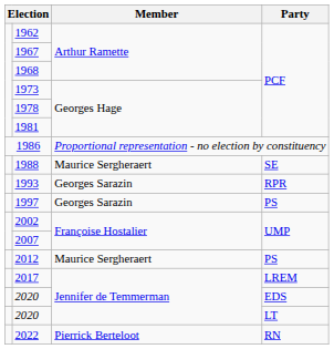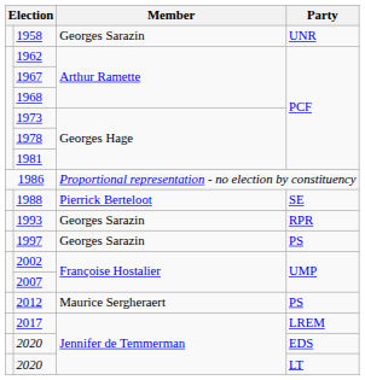 <table class="wikitable">
 <tr>
 <th colspan="2">Election</th>
 <th>Member</th>
 <th>Party</th>
+</tr>
+<tr>
+<td style="color:inherit;background-color: "></td>
+<td><a href='#'>1958</a></td>
+<td>Georges Sarazin</td>
+<td><a href='#'>UNR</a></td>
 </tr>
 <tr>
 <td rowspan="6" style="background-color: "></td>
 <td><a href='#'>1962</a></td>
 <td rowspan="3"><a href='#'>Arthur Ramette</a></td>
 <td rowspan="6"><a href='#'>PCF</a></td>
 </tr>
 <tr>
 <td><a href='#'>1967</a></td>
 </tr>
 <tr>
 <td><a href='#'>1968</a></td>
 </tr>
 <tr>
 <td><a href='#'>1973</a></td>
 <td rowspan="3">Georges Hage</td>
 </tr>
 <tr>
 <td><a href='#'>1978</a></td>
 </tr>
 <tr>
 <td><a href='#'>1981</a></td>
 </tr>
 <tr>
 <td colspan="2" align="center"><a href='#'>1986</a></td>
 <td colspan="2"><em><a href='#'>Proportional representation</a> - no election by constituency</em></td>
 </tr>
 <tr>
 <td style="color:inherit;background-color: "></td>
 <td><a href='#'>1988</a></td>
-<td>Maurice Sergheraert</td>
+<td><a href='#'>Pierrick Berteloot</a></td>
 <td><a href='#'>SE</a></td>
 </tr>
 <tr>
 <td style="color:inherit;background-color: "></td>
 <td><a href='#'>1993</a></td>
 <td>Georges Sarazin</td>
 <td><a href='#'>RPR</a></td>
 </tr>
 <tr>
 <td style="color:inherit;background-color: "></td>
 <td><a href='#'>1997</a></td>
 <td>Georges Sarazin</td>
 <td><a href='#'>PS</a></td>
 </tr>
 <tr>
 <td rowspan="2" style="background-color: "></td>
 <td><a href='#'>2002</a></td>
 <td rowspan="2"><a href='#'>Françoise Hostalier</a></td>
 <td rowspan="2"><a href='#'>UMP</a></td>
 </tr>
 <tr>
 <td><a href='#'>2007</a></td>
 </tr>
 <tr>
 <td style="color:inherit;background-color: "></td>
 <td><a href='#'>2012</a></td>
 <td>Maurice Sergheraert</td>
 <td><a href='#'>PS</a></td>
 </tr>
 <tr>
 <td style="color:inherit;background-color: "></td>
 <td><a href='#'>2017</a></td>
 <td rowspan=3><a href='#'>Jennifer de Temmerman</a></td>
 <td><a href='#'>LREM</a></td>
 </tr>
 <tr>
 <td style="color:inherit;background-color: "></td>
 <td><em>2020</em></td>
 <td><a href='#'>EDS</a></td>
 </tr>
 <tr>
 <td style="color:inherit;background-color: "></td>
 <td><em>2020</em></td>
 <td><a href='#'>LT</a></td>
 </tr>
-<tr>
-<td style="color:inherit;background-color: "></td>
-<td><a href='#'>2022</a></td>
-<td><a href='#'>Pierrick Berteloot</a></td>
-<td><a href='#'>RN</a></td>
-</tr>
 </table>
